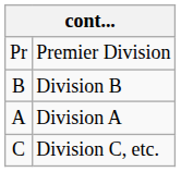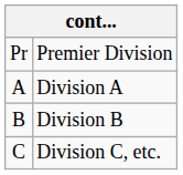 <table class="wikitable" style="font-size:85%">
 <tr>
 <th colspan=2>cont...</th>
 </tr>
 <tr>
 <td style="text-align: center;">Pr</td>
 <td>Premier Division</td>
 </tr>
 <tr>
+<td style="text-align: center;">A</td>
+<td>Division A</td>
+</tr>
+<tr>
 <td style="text-align: center;">B</td>
 <td>Division B</td>
-</tr>
-<tr>
-<td style="text-align: center;">A</td>
-<td>Division A</td>
 </tr>
 <tr>
 <td style="text-align: center;">C</td>
 <td>Division C, etc.</td>
 </tr>
 </table>
